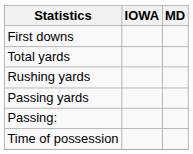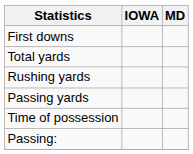 <table class="wikitable" style="float: left;">
 <tr>
 <th>Statistics</th>
 <th>IOWA</th>
 <th>MD</th>
 </tr>
 <tr>
 <td>First downs</td>
 <td></td>
 <td></td>
 </tr>
 <tr>
 <td>Total yards</td>
 <td></td>
 <td></td>
 </tr>
 <tr>
 <td>Rushing yards</td>
 <td></td>
 <td></td>
 </tr>
 <tr>
 <td>Passing yards</td>
 <td></td>
 <td></td>
 </tr>
 <tr>
-<td>Passing:</td>
+<td>Time of possession</td>
 <td></td>
 <td></td>
 </tr>
 <tr>
-<td>Time of possession</td>
+<td>Passing:</td>
 <td></td>
 <td></td>
 </tr>
 <tr>
 </tr>
 </table>
